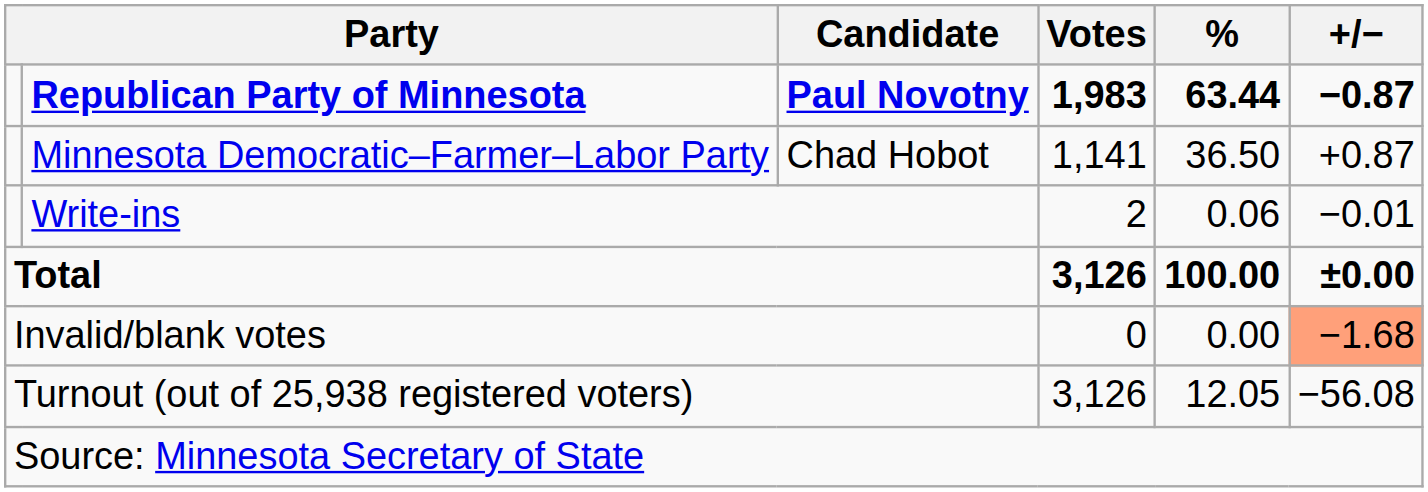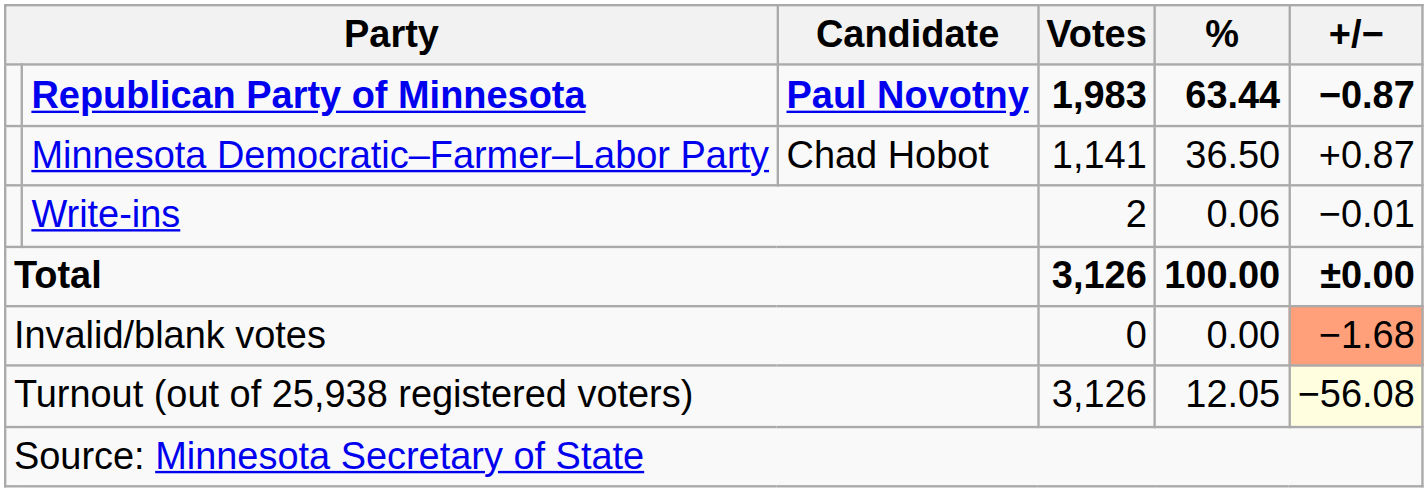 <table class="wikitable">
 <tr>
 <th colspan="2">Party</th>
 <th>Candidate</th>
 <th>Votes</th>
 <th>%</th>
 <th>+/−</th>
 </tr>
 <tr>
 <td style="background-color:"></td>
 <td><strong><a href='#'>Republican Party of Minnesota</a></strong></td>
 <td><strong><a href='#'>Paul Novotny</a></strong></td>
 <td align="right"><strong>1,983</strong></td>
 <td align="right"><strong>63.44</strong></td>
 <td align="right"><strong>−0.87</strong></td>
 </tr>
 <tr>
 <td style="background-color:"></td>
 <td><a href='#'>Minnesota Democratic–Farmer–Labor Party</a></td>
 <td>Chad Hobot</td>
 <td align="right">1,141</td>
 <td align="right">36.50</td>
 <td align="right">+0.87</td>
 </tr>
 <tr>
 <td style="background-color:"></td>
 <td colspan="2"><a href='#'>Write-ins</a></td>
 <td align="right">2</td>
 <td align="right">0.06</td>
 <td align="right">−0.01</td>
 </tr>
 <tr>
 <td colspan="3"><strong>Total</strong></td>
 <td style="font-weight:bold" align="right">3,126</td>
 <td style="font-weight:bold" align="right">100.00</td>
 <td style="font-weight:bold" align="right">±0.00</td>
 </tr>
 <tr>
 <td colspan="3">Invalid/blank votes</td>
 <td align="right">0</td>
 <td align="right">0.00</td>
 <td align="right" style="background: lightsalmon;">−1.68</td>
 </tr>
 <tr>
 <td colspan="3">Turnout (out of 25,938 registered voters)</td>
 <td align="right">3,126</td>
 <td align="right">12.05</td>
-<td align="right">−56.08</td>
+<td align="right" style="background: lightyellow;">−56.08</td>
 </tr>
 <tr>
 <td colspan="6">Source: <a href='#'>Minnesota Secretary of State</a></td>
 </tr>
 </table>
